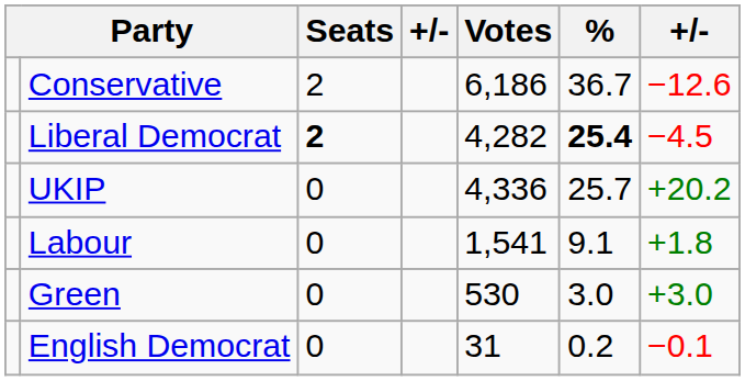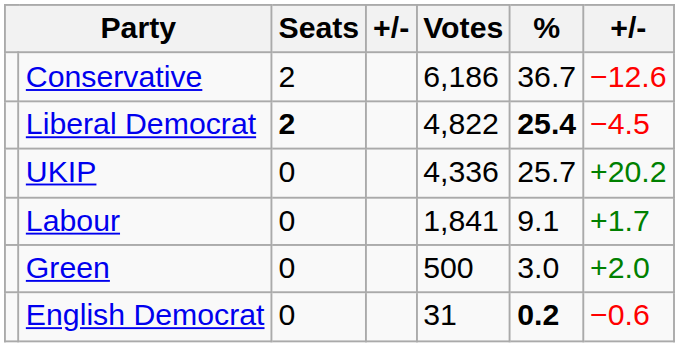 <table class="wikitable">
 <tr>
 <th colspan="2">Party</th>
 <th>Seats</th>
 <th>+/-</th>
 <th>Votes</th>
 <th>%</th>
 <th>+/-</th>
 </tr>
 <tr>
 <td style="background-color: "></td>
 <td><a href='#'>Conservative</a></td>
 <td>2</td>
 <td></td>
 <td>6,186</td>
 <td>36.7</td>
 <td style="color:red">−12.6</td>
 </tr>
 <tr>
 <td style="background-color: "></td>
 <td><a href='#'>Liberal Democrat</a></td>
 <td><strong>2</strong></td>
 <td></td>
-<td>4,282</td>
+<td>4,822</td>
 <td><strong>25.4</strong></td>
 <td style="color:red">−4.5</td>
 </tr>
 <tr>
 <td style="background-color: "></td>
 <td><a href='#'>UKIP</a></td>
 <td>0</td>
 <td></td>
 <td>4,336</td>
 <td>25.7</td>
 <td style="color:green">+20.2</td>
 </tr>
 <tr>
 <td style="background-color: "></td>
 <td><a href='#'>Labour</a></td>
 <td>0</td>
 <td></td>
-<td>1,541</td>
+<td>1,841</td>
 <td>9.1</td>
-<td style="color:green">+1.8</td>
+<td style="color:green">+1.7</td>
 </tr>
 <tr>
 <td style="background-color: "></td>
 <td><a href='#'>Green</a></td>
 <td>0</td>
 <td></td>
-<td>530</td>
+<td>500</td>
 <td>3.0</td>
-<td style="color:green">+3.0</td>
+<td style="color:green">+2.0</td>
 </tr>
 <tr>
 <td style="background-color: "></td>
 <td><a href='#'>English Democrat</a></td>
 <td>0</td>
 <td></td>
 <td>31</td>
-<td>0.2</td>
-<td style="color:red">−0.1</td>
+<td><strong>0.2</strong></td>
+<td style="color:red">−0.6</td>
 </tr>
 </table>
